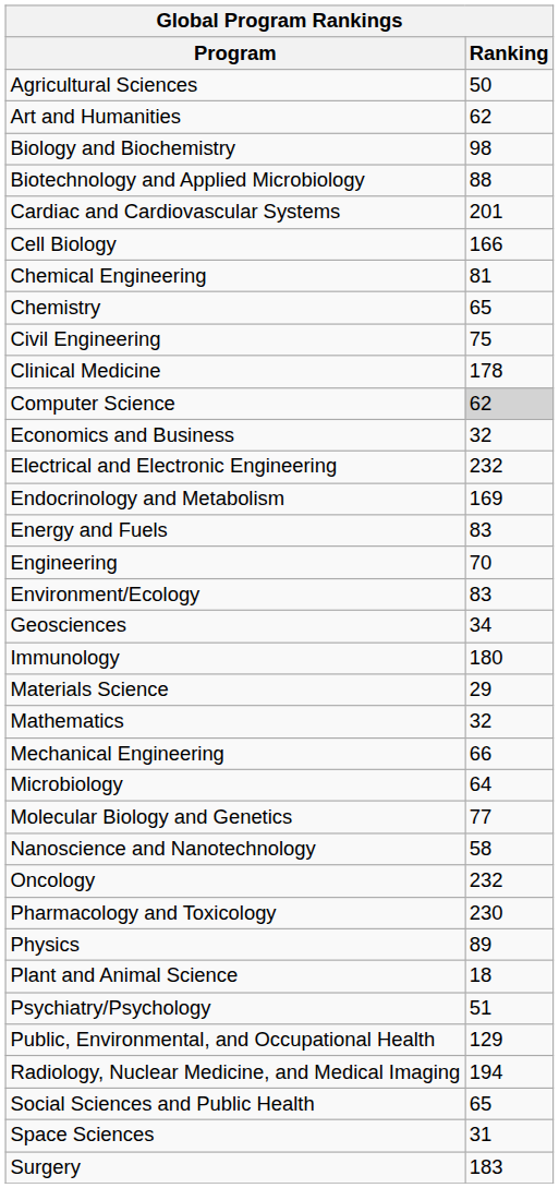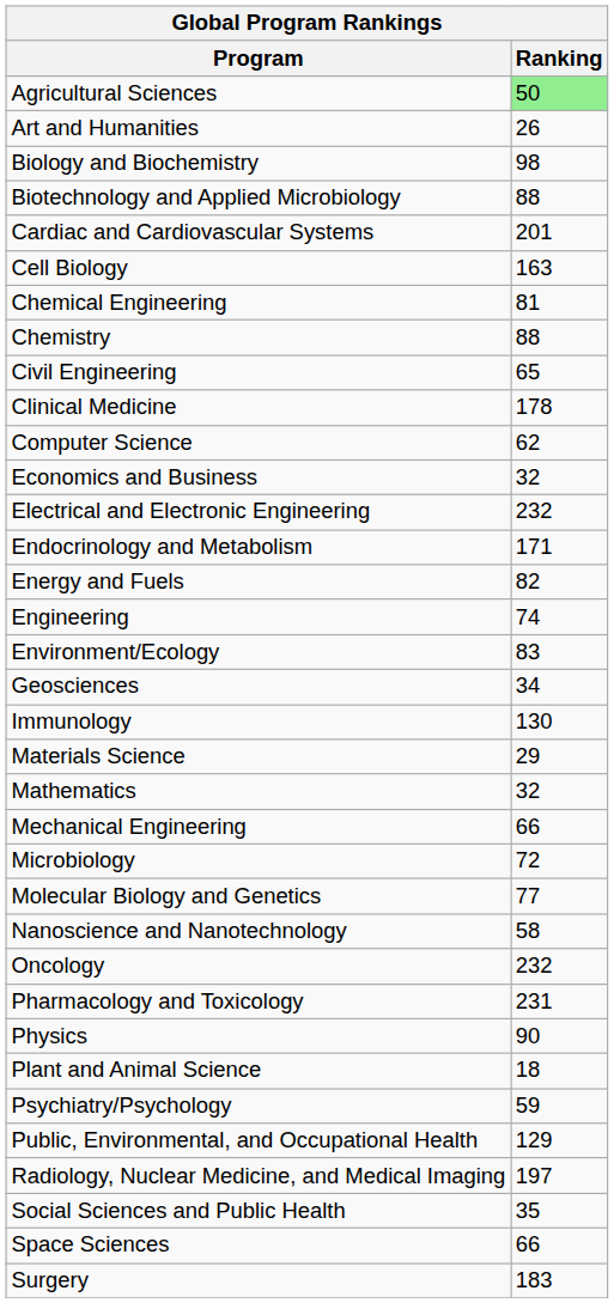 <table class="wikitable sortable collapsible collapsed" style="float:right;clear:right;" "text-align:center">
 <tr>
 <th colspan=4>Global Program Rankings</th>
 </tr>
 <tr>
 <th>Program</th>
 <th>Ranking</th>
 </tr>
 <tr>
 <td>Agricultural Sciences</td>
-<td>50</td>
+<td style="background: lightgreen;">50</td>
 </tr>
 <tr>
 <td>Art and Humanities</td>
-<td>62</td>
+<td>26</td>
 </tr>
 <tr>
 <td>Biology and Biochemistry</td>
 <td>98</td>
 </tr>
 <tr>
 <td>Biotechnology and Applied Microbiology</td>
 <td>88</td>
 </tr>
 <tr>
 <td>Cardiac and Cardiovascular Systems</td>
 <td>201</td>
 </tr>
 <tr>
 <td>Cell Biology</td>
-<td>166</td>
+<td>163</td>
 </tr>
 <tr>
 <td>Chemical Engineering</td>
 <td>81</td>
 </tr>
 <tr>
 <td>Chemistry</td>
-<td>65</td>
+<td>88</td>
 </tr>
 <tr>
 <td>Civil Engineering</td>
-<td>75</td>
+<td>65</td>
 </tr>
 <tr>
 <td>Clinical Medicine</td>
 <td>178</td>
 </tr>
 <tr>
 <td>Computer Science</td>
-<td style="background: lightgrey;">62</td>
+<td>62</td>
 </tr>
 <tr>
 <td>Economics and Business</td>
 <td>32</td>
 </tr>
 <tr>
 <td>Electrical and Electronic Engineering</td>
 <td>232</td>
 </tr>
 <tr>
 <td>Endocrinology and Metabolism</td>
-<td>169</td>
+<td>171</td>
 </tr>
 <tr>
 <td>Energy and Fuels</td>
-<td>83</td>
+<td>82</td>
 </tr>
 <tr>
 <td>Engineering</td>
-<td>70</td>
+<td>74</td>
 </tr>
 <tr>
 <td>Environment/Ecology</td>
 <td>83</td>
 </tr>
 <tr>
 <td>Geosciences</td>
 <td>34</td>
 </tr>
 <tr>
 <td>Immunology</td>
-<td>180</td>
+<td>130</td>
 </tr>
 <tr>
 <td>Materials Science</td>
 <td>29</td>
 </tr>
 <tr>
 <td>Mathematics</td>
 <td>32</td>
 </tr>
 <tr>
 <td>Mechanical Engineering</td>
 <td>66</td>
 </tr>
 <tr>
 <td>Microbiology</td>
-<td>64</td>
+<td>72</td>
 </tr>
 <tr>
 <td>Molecular Biology and Genetics</td>
 <td>77</td>
 </tr>
 <tr>
 <td>Nanoscience and Nanotechnology</td>
 <td>58</td>
 </tr>
 <tr>
 <td>Oncology</td>
 <td>232</td>
 </tr>
 <tr>
 <td>Pharmacology and Toxicology</td>
-<td>230</td>
+<td>231</td>
 </tr>
 <tr>
 <td>Physics</td>
-<td>89</td>
+<td>90</td>
 </tr>
 <tr>
 <td>Plant and Animal Science</td>
 <td>18</td>
 </tr>
 <tr>
 <td>Psychiatry/Psychology</td>
-<td>51</td>
+<td>59</td>
 </tr>
 <tr>
 <td>Public, Environmental, and Occupational Health</td>
 <td>129</td>
 </tr>
 <tr>
 <td>Radiology, Nuclear Medicine, and Medical Imaging</td>
-<td>194</td>
+<td>197</td>
 </tr>
 <tr>
 <td>Social Sciences and Public Health</td>
-<td>65</td>
+<td>35</td>
 </tr>
 <tr>
 <td>Space Sciences</td>
-<td>31</td>
+<td>66</td>
 </tr>
 <tr>
 <td>Surgery</td>
 <td>183</td>
 </tr>
 </table>
